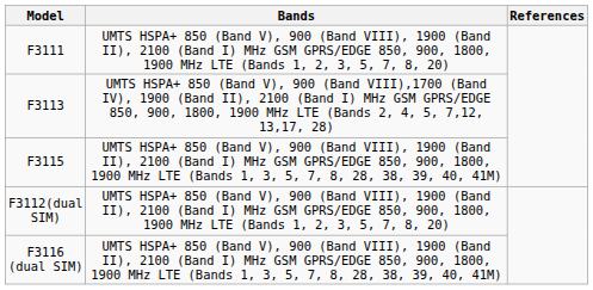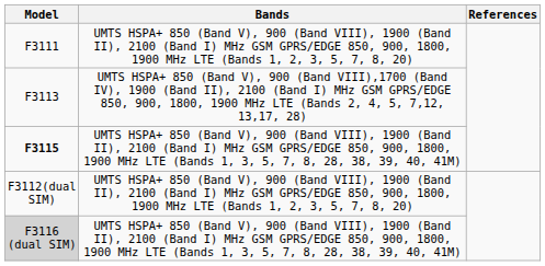 <table class="wikitable sortable">
 <tr>
 <th style="width:10px;">Model</th>
 <th>Bands</th>
 <th>References</th>
 </tr>
 <tr>
 <td style="text-align:center;">F3111</td>
 <td style="text-align:center;">UMTS HSPA+ 850 (Band V), 900 (Band VIII), 1900 (Band II), 2100 (Band I) MHz GSM GPRS/EDGE 850, 900, 1800, 1900 MHz LTE (Bands 1, 2, 3, 5, 7, 8, 20)</td>
 <td rowspan="3" style="text-align:center;"></td>
 </tr>
 <tr>
 <td style="text-align:center;">F3113</td>
 <td style="text-align:center;">UMTS HSPA+ 850 (Band V), 900 (Band VIII),1700 (Band IV), 1900 (Band II), 2100 (Band I) MHz GSM GPRS/EDGE 850, 900, 1800, 1900 MHz LTE (Bands 2, 4, 5, 7,12, 13,17, 28)</td>
 </tr>
 <tr>
-<td style="text-align:center;">F3115</td>
+<td style="text-align:center;"><strong>F3115</strong></td>
 <td style="text-align:center;">UMTS HSPA+ 850 (Band V), 900 (Band VIII), 1900 (Band II), 2100 (Band I) MHz GSM GPRS/EDGE 850, 900, 1800, 1900 MHz LTE (Bands 1, 3, 5, 7, 8, 28, 38, 39, 40, 41M)</td>
 </tr>
 <tr>
 <td style="text-align:center;">F3112(dual SIM)</td>
 <td style="text-align:center;">UMTS HSPA+ 850 (Band V), 900 (Band VIII), 1900 (Band II), 2100 (Band I) MHz GSM GPRS/EDGE 850, 900, 1800, 1900 MHz LTE (Bands 1, 2, 3, 5, 7, 8, 20)</td>
 <td rowspan="2" style="text-align:center;"></td>
 </tr>
 <tr>
-<td style="text-align:center;">F3116 (dual SIM)</td>
+<td style="background: lightgrey; text-align:center;">F3116 (dual SIM)</td>
 <td style="text-align:center;">UMTS HSPA+ 850 (Band V), 900 (Band VIII), 1900 (Band II), 2100 (Band I) MHz GSM GPRS/EDGE 850, 900, 1800, 1900 MHz LTE (Bands 1, 3, 5, 7, 8, 28, 38, 39, 40, 41M)</td>
 </tr>
 </table>
